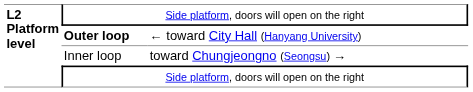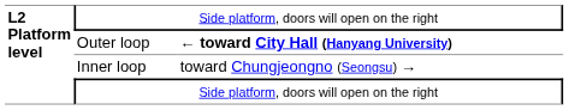 <table table border=0 cellspacing=0 cellpadding=3>
 <tr>
 <td style="border-top:solid 1px gray;border-bottom:solid 1px gray;" width=50 rowspan=10 valign=top><strong>L2<br>Platform level</strong></td>
 <td style="border-top:solid 1px gray;border-right:solid 2px black;border-left:solid 2px black;border-bottom:solid 2px black;text-align:center;" colspan=2><small><a href='#'>Side platform</a>, doors will open on the right </small></td>
 </tr>
 <tr>
-<td style="border-bottom:solid 1px gray;" width=100><strong>Outer loop</strong></td>
-<td style="border-bottom:solid 1px gray;" width=390>←  toward <a href='#'>City Hall</a> <small>(<a href='#'>Hanyang University</a>)</small></td>
+<td style="border-bottom:solid 1px gray;" width=100>Outer loop</td>
+<td style="border-bottom:solid 1px gray;" width=390><strong>←  toward <a href='#'>City Hall</a> <small>(<a href='#'>Hanyang University</a>)</small></strong></td>
 </tr>
 <tr>
 <td>Inner loop</td>
 <td>  toward <a href='#'>Chungjeongno</a> <small>(<a href='#'>Seongsu</a>)</small> →</td>
 </tr>
 <tr>
 <td style="border-top:solid 2px black;border-right:solid 2px black;border-left:solid 2px black;border-bottom:solid 1px gray;text-align:center;" colspan=2><small><a href='#'>Side platform</a>, doors will open on the right </small></td>
 </tr>
 </table>
